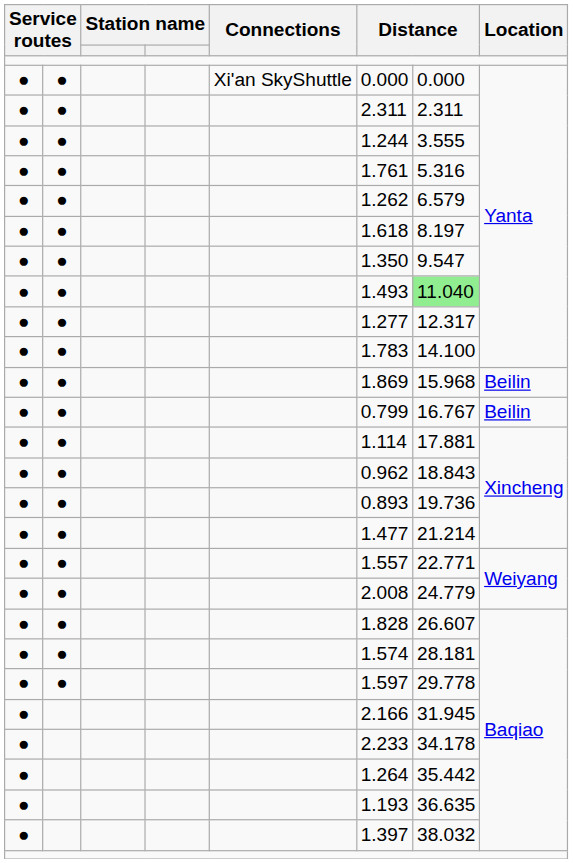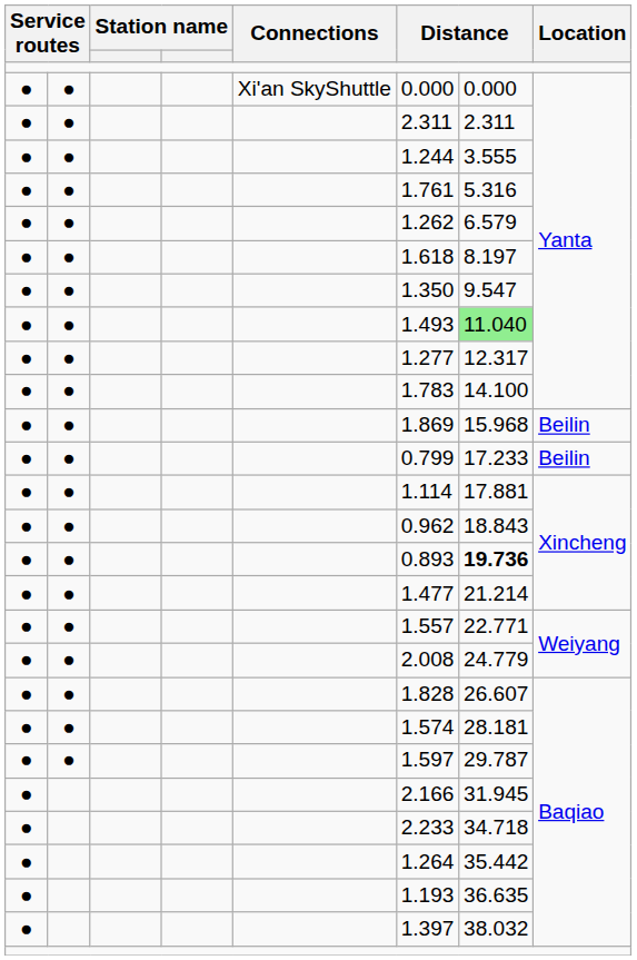 <table class="wikitable">
 <tr>
 <th rowspan="2" colspan="2">Service<br>routes</th>
 <th colspan="2">Station name</th>
 <th rowspan="2">Connections</th>
 <th colspan="2" rowspan="2">Distance<br></th>
 <th rowspan="2">Location</th>
 </tr>
 <tr>
 <th></th>
 <th></th>
 </tr>
 <tr style="background:#">
 <td colspan = "8"></td>
 </tr>
 <tr>
 <td align="center">●</td>
 <td align="center">●</td>
 <td></td>
 <td></td>
 <td> Xi'an SkyShuttle</td>
 <td>0.000</td>
 <td>0.000</td>
 <td rowspan="10"><a href='#'>Yanta</a></td>
 </tr>
 <tr>
 <td align="center">●</td>
 <td align="center">●</td>
 <td></td>
 <td></td>
 <td></td>
 <td>2.311</td>
 <td>2.311</td>
 </tr>
 <tr>
 <td align="center">●</td>
 <td align="center">●</td>
 <td></td>
 <td></td>
 <td></td>
 <td>1.244</td>
 <td>3.555</td>
 </tr>
 <tr>
 <td align="center">●</td>
 <td align="center">●</td>
 <td></td>
 <td></td>
 <td></td>
 <td>1.761</td>
 <td>5.316</td>
 </tr>
 <tr>
 <td align="center">●</td>
 <td align="center">●</td>
 <td></td>
 <td></td>
 <td></td>
 <td>1.262</td>
 <td>6.579</td>
 </tr>
 <tr>
 <td align="center">●</td>
 <td align="center">●</td>
 <td></td>
 <td></td>
 <td></td>
 <td>1.618</td>
 <td>8.197</td>
 </tr>
 <tr>
 <td align="center">●</td>
 <td align="center">●</td>
 <td></td>
 <td></td>
 <td></td>
 <td>1.350</td>
 <td>9.547</td>
 </tr>
 <tr>
 <td align="center">●</td>
 <td align="center">●</td>
 <td></td>
 <td></td>
 <td></td>
 <td>1.493</td>
 <td style="background: lightgreen;">11.040</td>
 </tr>
 <tr>
 <td align="center">●</td>
 <td align="center">●</td>
 <td></td>
 <td></td>
 <td></td>
 <td>1.277</td>
 <td>12.317</td>
 </tr>
 <tr>
 <td align="center">●</td>
 <td align="center">●</td>
 <td></td>
 <td></td>
 <td></td>
 <td>1.783</td>
 <td>14.100</td>
 </tr>
 <tr>
 <td align="center">●</td>
 <td align="center">●</td>
 <td></td>
 <td></td>
 <td></td>
 <td>1.869</td>
 <td>15.968</td>
 <td><a href='#'>Beilin</a></td>
 </tr>
 <tr>
 <td align="center">●</td>
 <td align="center">●</td>
 <td></td>
 <td></td>
 <td></td>
 <td>0.799</td>
-<td>16.767</td>
+<td>17.233</td>
 <td><a href='#'>Beilin</a></td>
 </tr>
 <tr>
 <td align="center">●</td>
 <td align="center">●</td>
 <td></td>
 <td></td>
 <td></td>
 <td>1.114</td>
 <td>17.881</td>
 <td rowspan="4"><a href='#'>Xincheng</a></td>
 </tr>
 <tr>
 <td align="center">●</td>
 <td align="center">●</td>
 <td></td>
 <td></td>
 <td></td>
 <td>0.962</td>
 <td>18.843</td>
 </tr>
 <tr>
 <td align="center">●</td>
 <td align="center">●</td>
 <td></td>
 <td></td>
 <td></td>
 <td>0.893</td>
-<td>19.736</td>
+<td><strong>19.736</strong></td>
 </tr>
 <tr>
 <td align="center">●</td>
 <td align="center">●</td>
 <td></td>
 <td></td>
 <td></td>
 <td>1.477</td>
 <td>21.214</td>
 </tr>
 <tr>
 <td align="center">●</td>
 <td align="center">●</td>
 <td></td>
 <td></td>
 <td></td>
 <td>1.557</td>
 <td>22.771</td>
 <td rowspan="2"><a href='#'>Weiyang</a></td>
 </tr>
 <tr>
 <td align="center">●</td>
 <td align="center">●</td>
 <td></td>
 <td></td>
 <td></td>
 <td>2.008</td>
 <td>24.779</td>
 </tr>
 <tr>
 <td align="center">●</td>
 <td align="center">●</td>
 <td></td>
 <td></td>
 <td></td>
 <td>1.828</td>
 <td>26.607</td>
 <td rowspan="8"><a href='#'>Baqiao</a></td>
 </tr>
 <tr>
 <td align="center">●</td>
 <td align="center">●</td>
 <td></td>
 <td></td>
 <td></td>
 <td>1.574</td>
 <td>28.181</td>
 </tr>
 <tr>
 <td align="center">●</td>
 <td align="center">●</td>
 <td></td>
 <td></td>
 <td></td>
 <td>1.597</td>
-<td>29.778</td>
+<td>29.787</td>
 </tr>
 <tr>
 <td align="center">●</td>
 <td align="center"></td>
 <td></td>
 <td></td>
 <td></td>
 <td>2.166</td>
 <td>31.945</td>
 </tr>
 <tr>
 <td align="center">●</td>
 <td align="center"></td>
 <td></td>
 <td></td>
 <td></td>
 <td>2.233</td>
-<td>34.178</td>
+<td>34.718</td>
 </tr>
 <tr>
 <td align="center">●</td>
 <td align="center"></td>
 <td></td>
 <td></td>
 <td></td>
 <td>1.264</td>
 <td>35.442</td>
 </tr>
 <tr>
 <td align="center">●</td>
 <td align="center"></td>
 <td></td>
 <td></td>
 <td></td>
 <td>1.193</td>
 <td>36.635</td>
 </tr>
 <tr>
 <td align="center">●</td>
 <td align="center"></td>
 <td></td>
 <td></td>
 <td></td>
 <td>1.397</td>
 <td>38.032</td>
 </tr>
 <tr style="background:#">
 <td colspan = "8"></td>
 </tr>
 </table>
